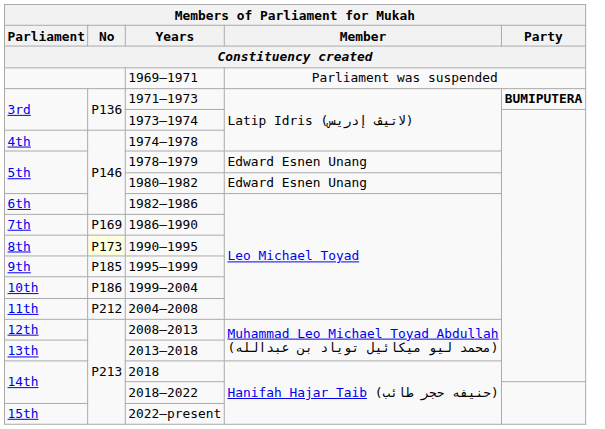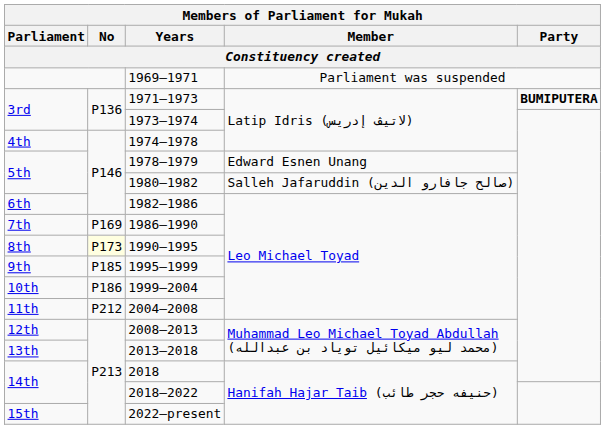 <table class=wikitable>
 <tr>
 <th colspan="5">Members of Parliament for Mukah</th>
 </tr>
 <tr>
 <th>Parliament</th>
 <th>No</th>
 <th>Years</th>
 <th>Member</th>
 <th>Party</th>
 </tr>
 <tr>
 <th colspan="5" align="center"><em>Constituency created</em></th>
 </tr>
 <tr>
 <td colspan="2"></td>
 <td>1969–1971</td>
 <td colspan="2" align="center">Parliament was suspended</td>
 </tr>
 <tr>
 <td rowspan=2><a href='#'>3rd</a></td>
 <td rowspan="2">P136</td>
 <td>1971–1973</td>
 <td rowspan="3">Latip Idris (لاتيڤ إدريس)</td>
 <td><strong>BUMIPUTERA</strong></td>
 </tr>
 <tr>
 <td>1973–1974</td>
 <td rowspan="13"></td>
 </tr>
 <tr>
 <td><a href='#'>4th</a></td>
 <td rowspan="4">P146</td>
 <td>1974–1978</td>
 </tr>
 <tr>
 <td rowspan=2><a href='#'>5th</a></td>
 <td>1978–1979</td>
 <td>Edward Esnen Unang</td>
 </tr>
 <tr>
 <td>1980–1982</td>
-<td>Edward Esnen Unang</td>
+<td>Salleh Jafaruddin  (صالح جافارو الدين)</td>
 </tr>
 <tr>
 <td><a href='#'>6th</a></td>
 <td>1982–1986</td>
 <td rowspan="6"><a href='#'>Leo Michael Toyad</a></td>
 </tr>
 <tr>
 <td><a href='#'>7th</a></td>
 <td>P169</td>
 <td>1986–1990</td>
 </tr>
 <tr>
 <td><a href='#'>8th</a></td>
 <td style="background: lightyellow;">P173</td>
 <td>1990–1995</td>
 </tr>
 <tr>
 <td><a href='#'>9th</a></td>
 <td>P185</td>
 <td>1995–1999</td>
 </tr>
 <tr>
 <td><a href='#'>10th</a></td>
 <td>P186</td>
 <td>1999–2004</td>
 </tr>
 <tr>
 <td><a href='#'>11th</a></td>
 <td>P212</td>
 <td>2004–2008</td>
 </tr>
 <tr>
 <td><a href='#'>12th</a></td>
 <td rowspan="5">P213</td>
 <td>2008–2013</td>
 <td rowspan="2"><a href='#'>Muhammad Leo Michael Toyad Abdullah</a> <br> (محمد ليو ميکائيل توياد بن عبدالله)</td>
 </tr>
 <tr>
 <td><a href='#'>13th</a></td>
 <td>2013–2018</td>
 </tr>
 <tr>
 <td rowspan=2><a href='#'>14th</a></td>
 <td>2018</td>
 <td rowspan=3><a href='#'>Hanifah Hajar Taib</a> (حنيفه حجر طائب)</td>
 </tr>
 <tr>
 <td>2018–2022</td>
 <td rowspan=2></td>
 </tr>
 <tr>
 <td><a href='#'>15th</a></td>
 <td>2022–present</td>
 </tr>
 </table>
